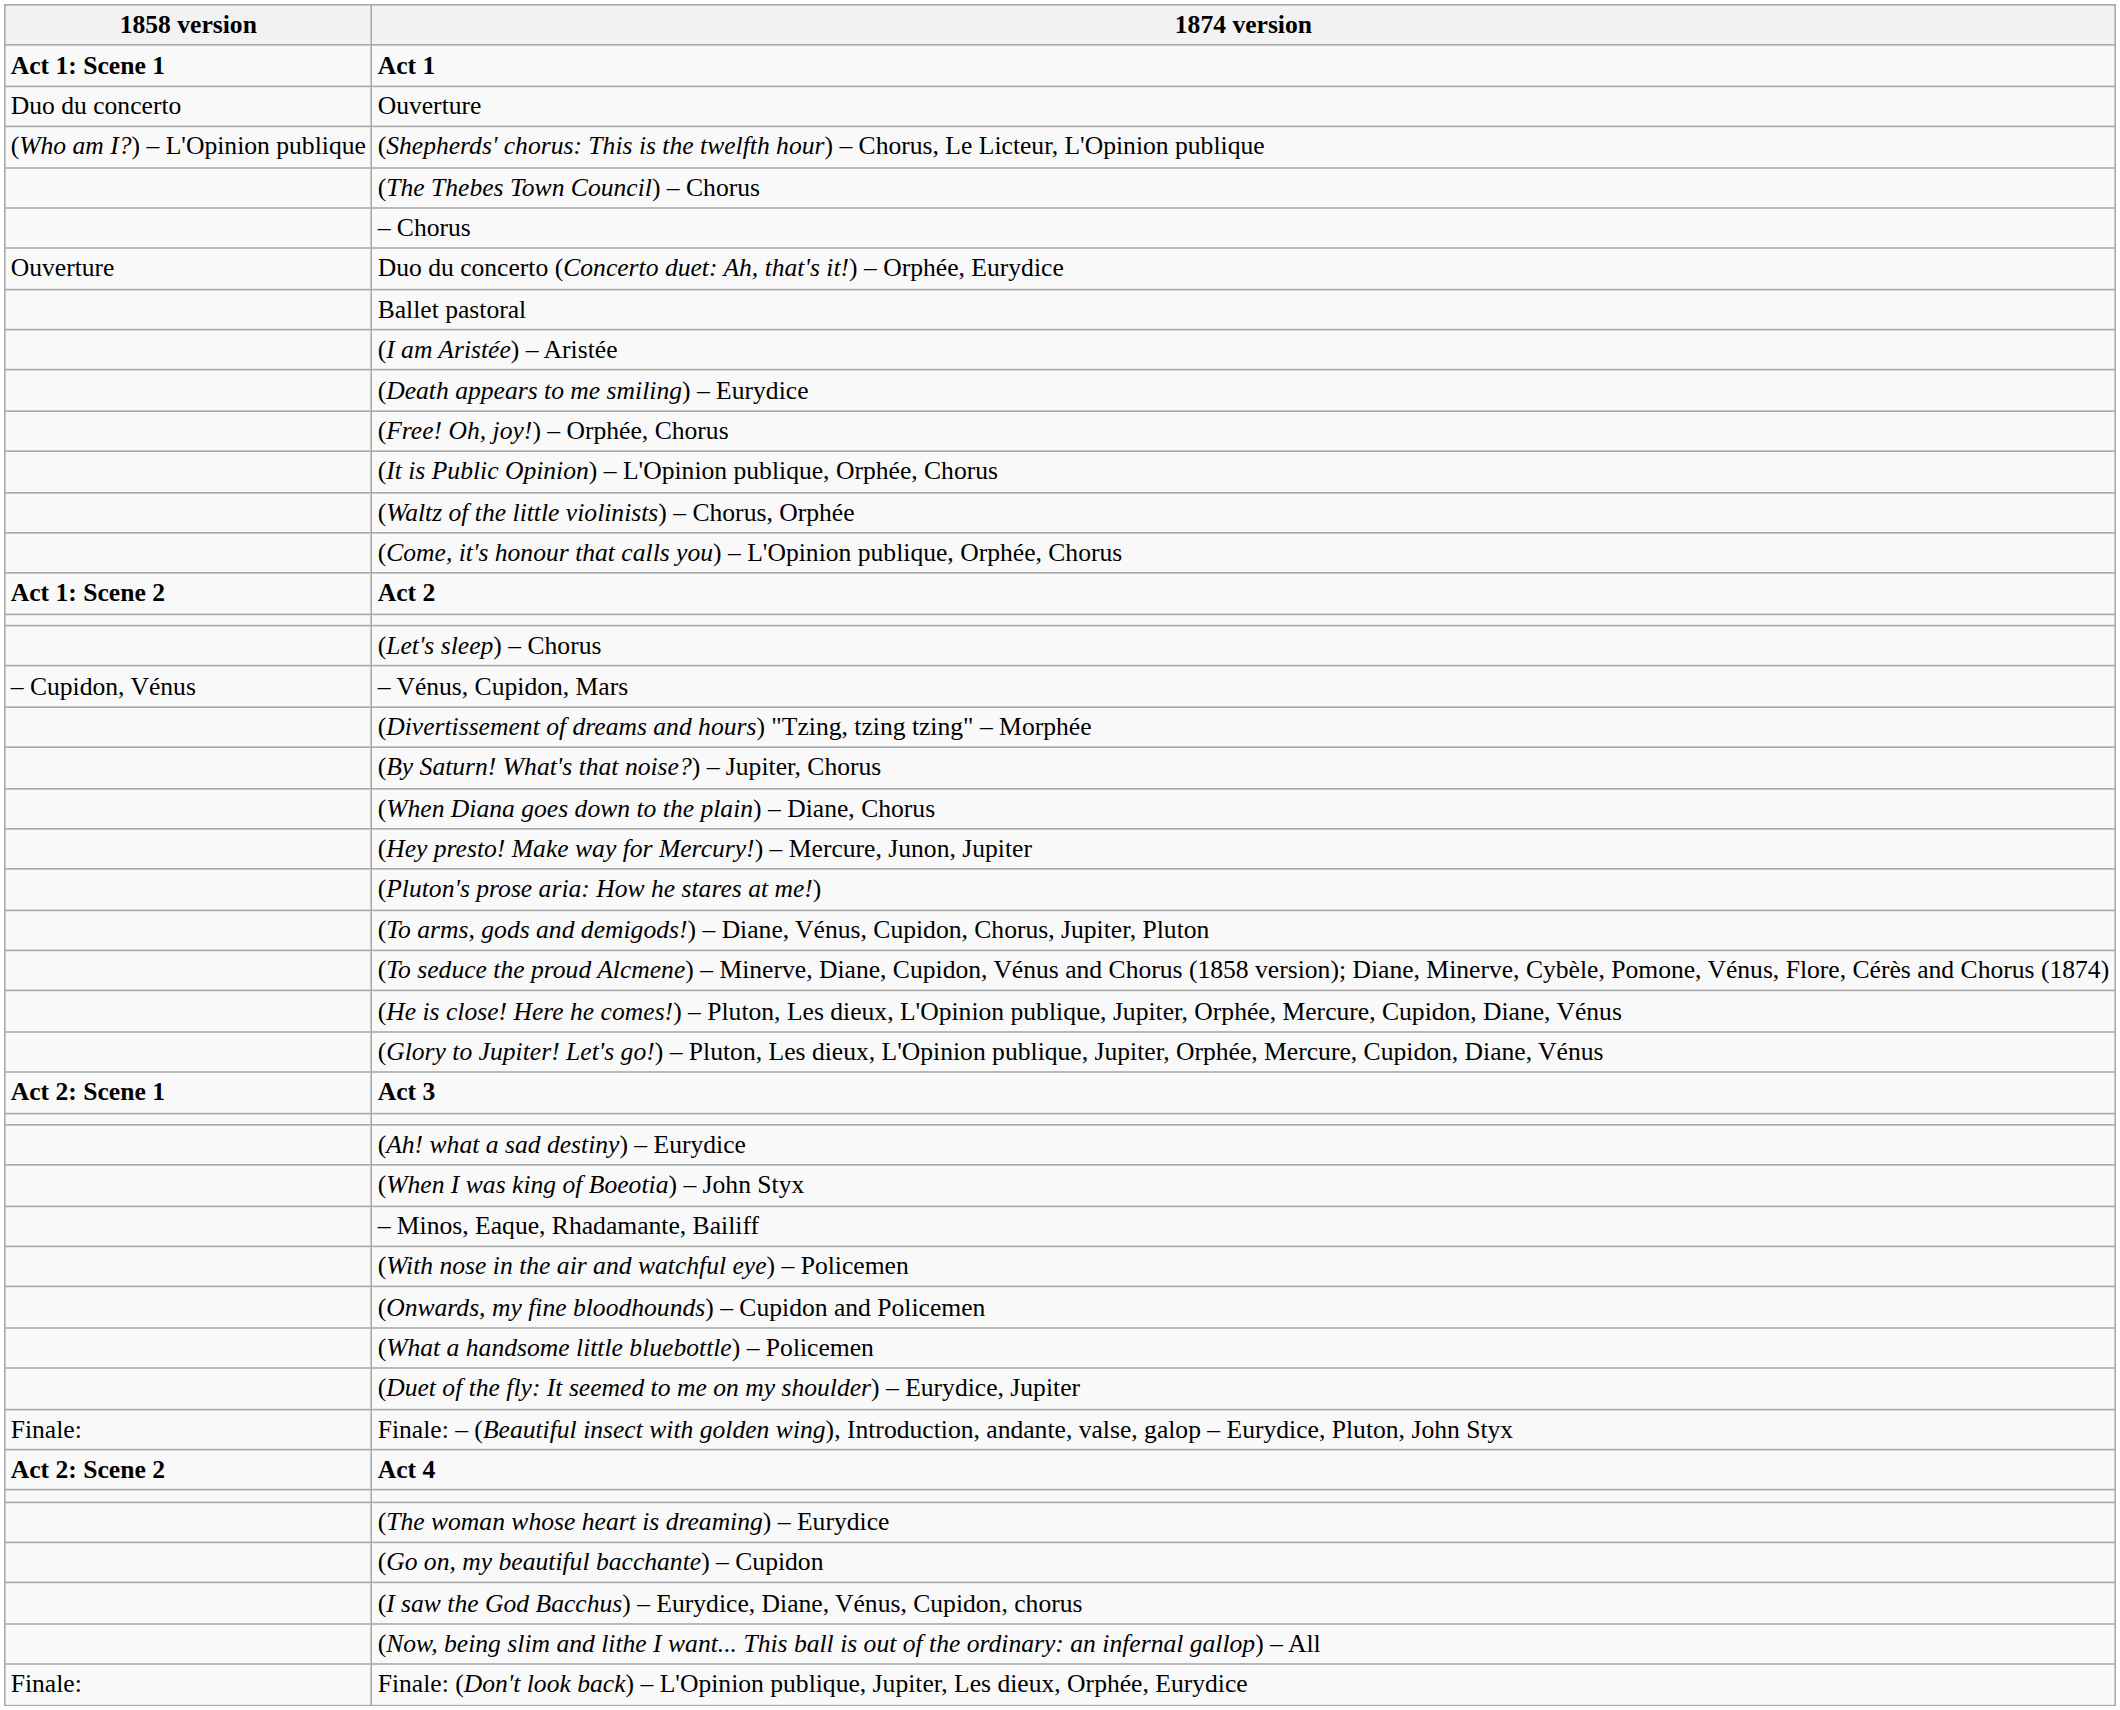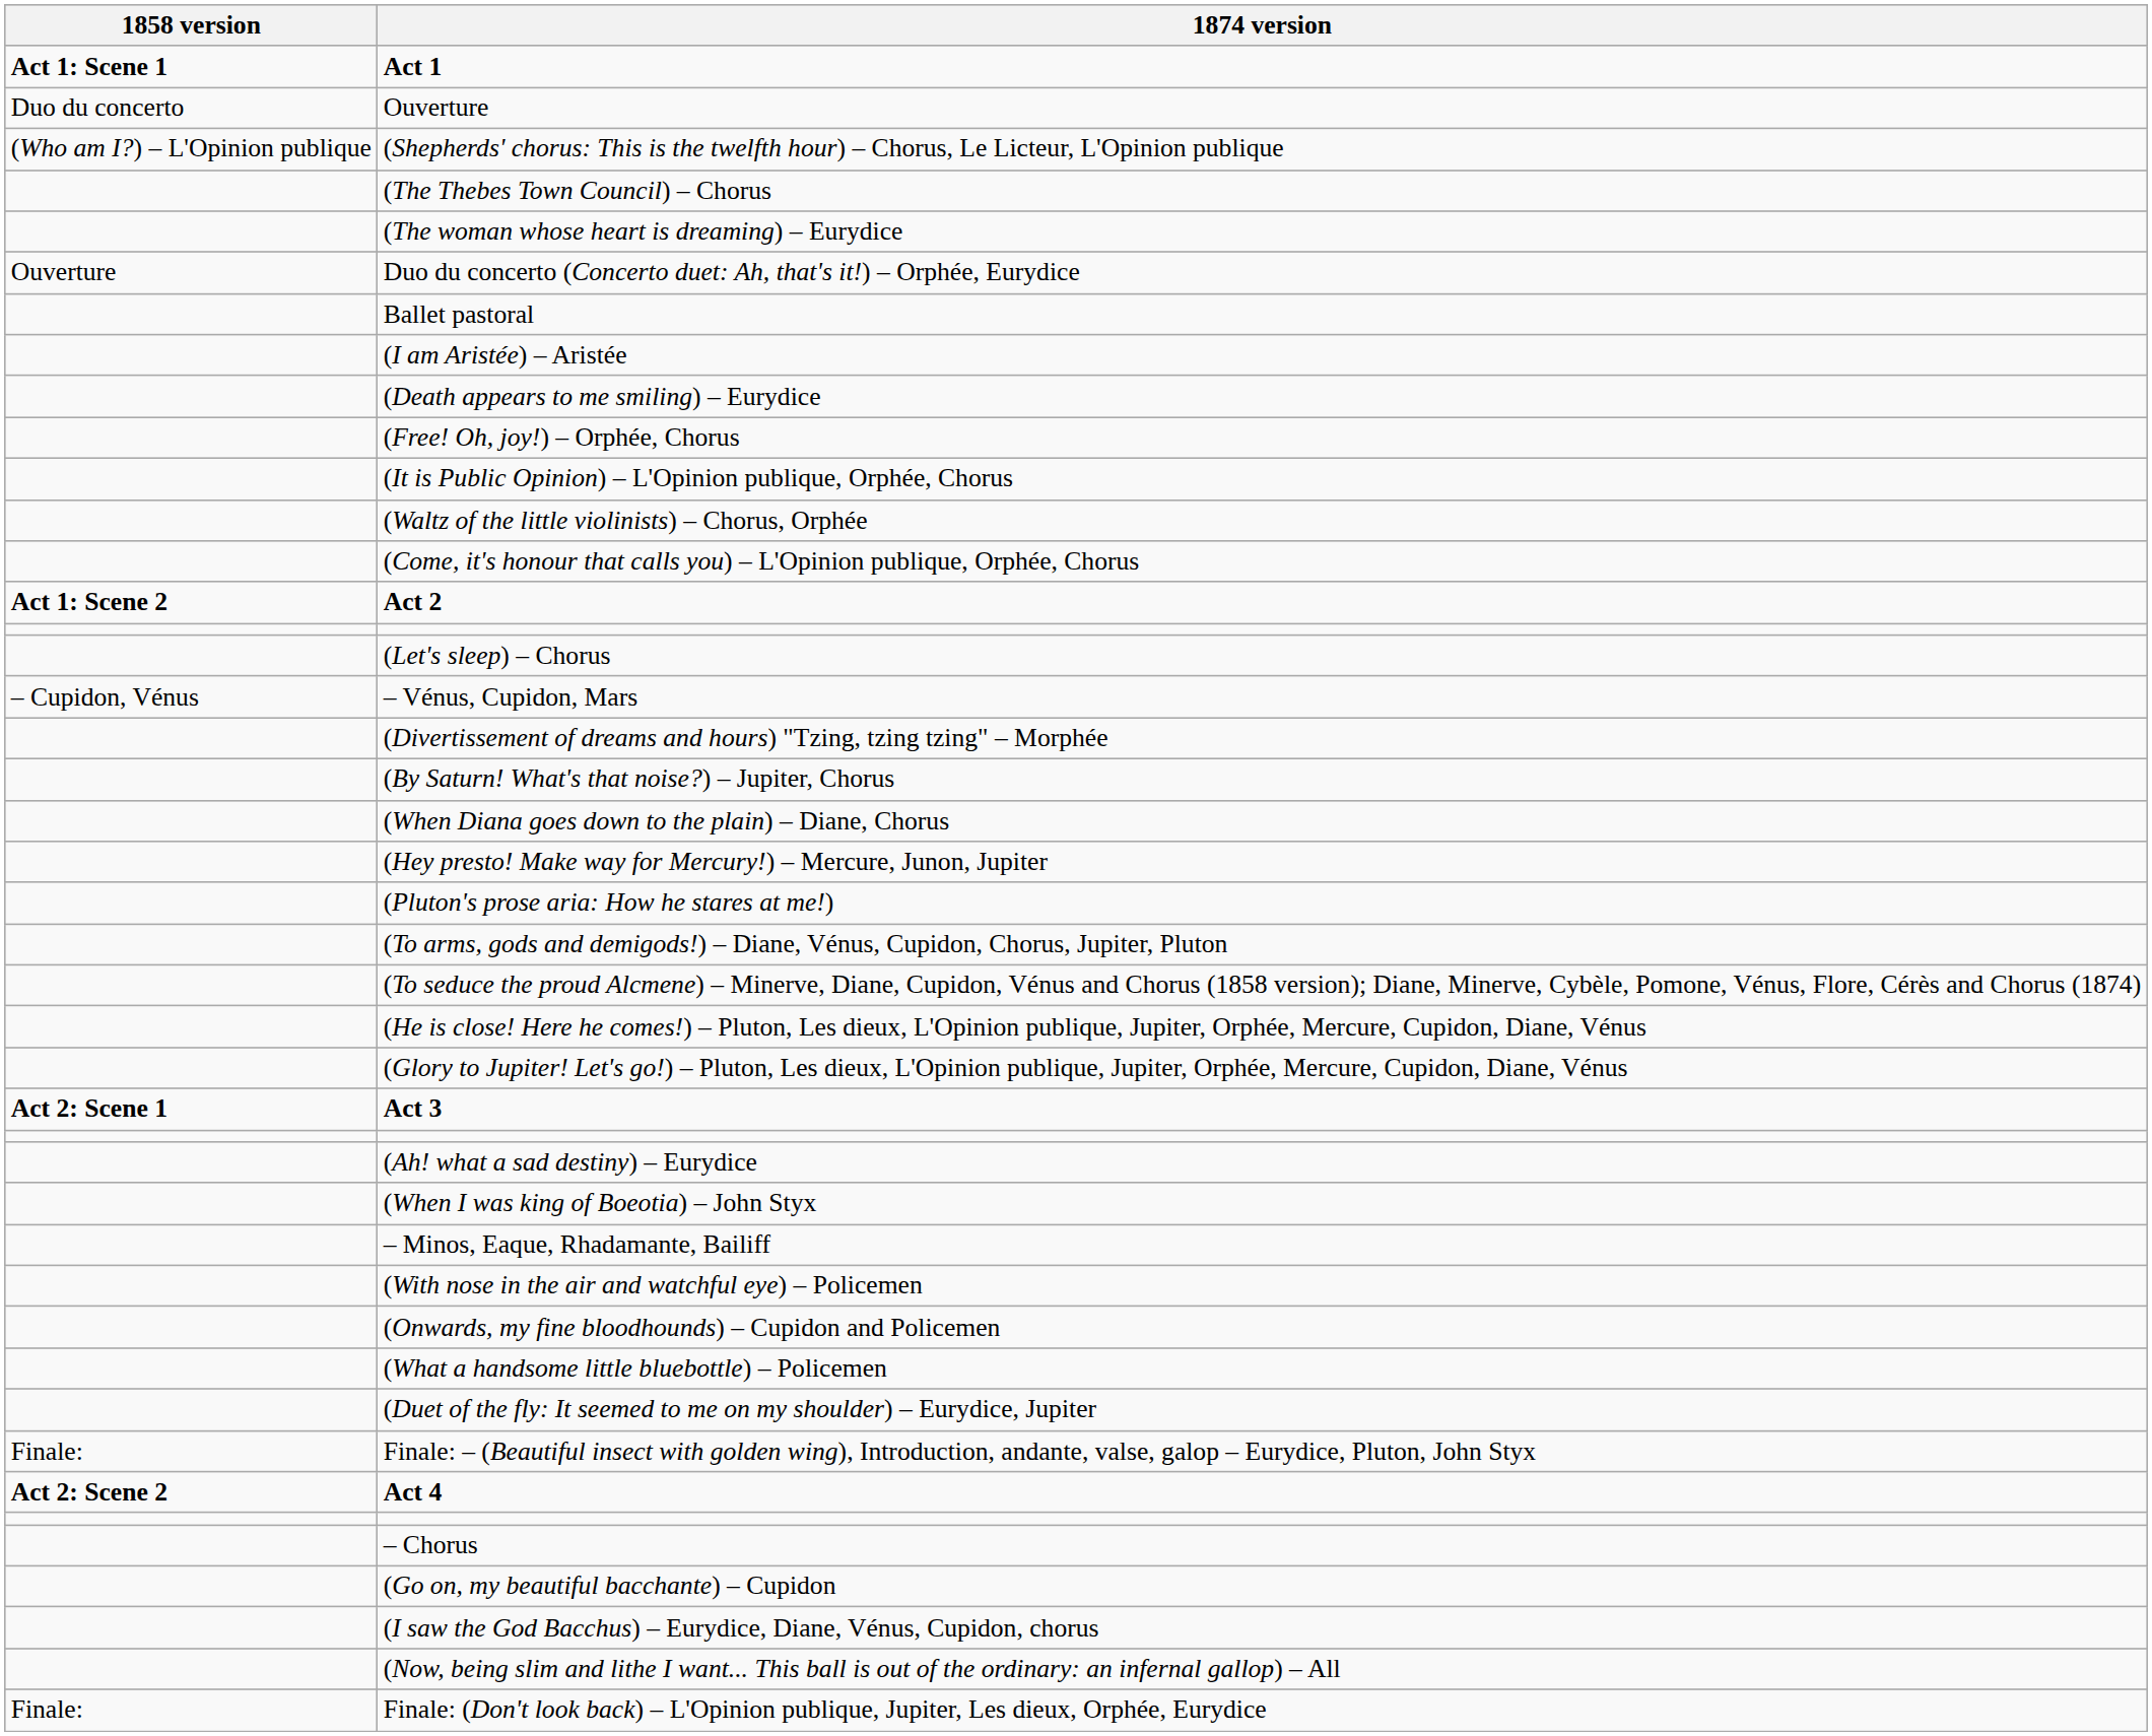 <table class="wikitable plainrowheaders" style="text-align: left; margin-right: 0;">
 <tr>
 <th scope="col">1858 version</th>
 <th scope="col">1874 version</th>
 </tr>
 <tr>
 <td><strong>Act 1: Scene 1</strong></td>
 <td><strong>Act 1</strong></td>
 </tr>
 <tr>
 <td>Duo du concerto</td>
 <td>Ouverture</td>
 </tr>
 <tr>
 <td> (<em>Who am I?</em>) – L'Opinion publique</td>
 <td> (<em>Shepherds' chorus: This is the twelfth hour</em>) – Chorus, Le Licteur, L'Opinion publique</td>
 </tr>
 <tr>
 <td></td>
 <td> (<em>The Thebes Town Council</em>) – Chorus</td>
 </tr>
 <tr>
 <td></td>
-<td>– Chorus</td>
+<td> (<em>The woman whose heart is dreaming</em>) – Eurydice</td>
 </tr>
 <tr>
 <td>Ouverture</td>
 <td>Duo du concerto  (<em>Concerto duet: Ah, that's it!</em>) – Orphée, Eurydice</td>
 </tr>
 <tr>
 <td></td>
 <td>Ballet pastoral</td>
 </tr>
 <tr>
 <td></td>
 <td> (<em>I am Aristée</em>) – Aristée</td>
 </tr>
 <tr>
 <td></td>
 <td> (<em>Death appears to me smiling</em>) – Eurydice</td>
 </tr>
 <tr>
 <td></td>
 <td> (<em>Free! Oh, joy!</em>) – Orphée, Chorus</td>
 </tr>
 <tr>
 <td></td>
 <td> (<em>It is Public Opinion</em>) – L'Opinion publique, Orphée, Chorus</td>
 </tr>
 <tr>
 <td></td>
 <td> (<em>Waltz of the little violinists</em>) – Chorus, Orphée</td>
 </tr>
 <tr>
 <td></td>
 <td> (<em>Come, it's honour that calls you</em>) – L'Opinion publique, Orphée, Chorus</td>
 </tr>
 <tr>
 <td><strong>Act 1: Scene 2</strong></td>
 <td><strong>Act 2</strong></td>
 </tr>
 <tr>
 <td></td>
 <td></td>
 </tr>
 <tr>
 <td></td>
 <td> (<em>Let's sleep</em>) – Chorus</td>
 </tr>
 <tr>
 <td> – Cupidon, Vénus</td>
 <td> – Vénus, Cupidon, Mars</td>
 </tr>
 <tr>
 <td></td>
 <td> (<em>Divertissement of dreams and hours</em>) "Tzing, tzing tzing" – Morphée</td>
 </tr>
 <tr>
 <td></td>
 <td> (<em>By Saturn! What's that noise?</em>) – Jupiter, Chorus</td>
 </tr>
 <tr>
 <td></td>
 <td> (<em>When Diana goes down to the plain</em>) – Diane, Chorus</td>
 </tr>
 <tr>
 <td></td>
 <td> (<em>Hey presto! Make way for Mercury!</em>) – Mercure, Junon, Jupiter</td>
 </tr>
 <tr>
 <td></td>
 <td> (<em>Pluton's prose aria: How he stares at me!</em>)</td>
 </tr>
 <tr>
 <td></td>
 <td> (<em>To arms, gods and demigods!</em>) – Diane, Vénus, Cupidon, Chorus, Jupiter, Pluton</td>
 </tr>
 <tr>
 <td></td>
 <td> (<em>To seduce the proud Alcmene</em>) – Minerve, Diane, Cupidon, Vénus and Chorus (1858 version); Diane, Minerve, Cybèle, Pomone, Vénus, Flore, Cérès and Chorus (1874)</td>
 </tr>
 <tr>
 <td></td>
 <td> (<em>He is close! Here he comes!</em>) – Pluton, Les dieux, L'Opinion publique, Jupiter, Orphée, Mercure, Cupidon, Diane, Vénus</td>
 </tr>
 <tr>
 <td></td>
 <td> (<em>Glory to Jupiter! Let's go!</em>) – Pluton, Les dieux, L'Opinion publique, Jupiter, Orphée, Mercure, Cupidon, Diane, Vénus</td>
 </tr>
 <tr>
 <td><strong>Act 2:  Scene 1</strong></td>
 <td><strong>Act 3</strong></td>
 </tr>
 <tr>
 <td></td>
 <td></td>
 </tr>
 <tr>
 <td></td>
 <td> (<em>Ah! what a sad destiny</em>) – Eurydice</td>
 </tr>
 <tr>
 <td></td>
 <td> (<em>When I was king of Boeotia</em>) – John Styx</td>
 </tr>
 <tr>
 <td></td>
 <td> – Minos, Eaque, Rhadamante, Bailiff</td>
 </tr>
 <tr>
 <td></td>
 <td> (<em>With nose in the air and watchful eye</em>) – Policemen</td>
 </tr>
 <tr>
 <td></td>
 <td> (<em>Onwards, my fine bloodhounds</em>) – Cupidon and Policemen</td>
 </tr>
 <tr>
 <td></td>
 <td> (<em>What a handsome little bluebottle</em>) – Policemen</td>
 </tr>
 <tr>
 <td></td>
 <td> (<em>Duet of the fly: It seemed to me on my shoulder</em>) – Eurydice, Jupiter</td>
 </tr>
 <tr>
 <td>Finale: </td>
 <td>Finale:  – (<em>Beautiful insect with golden wing</em>),  Introduction, andante, valse, galop – Eurydice, Pluton, John Styx</td>
 </tr>
 <tr>
 <td><strong>Act 2: Scene 2</strong></td>
 <td><strong>Act 4</strong></td>
 </tr>
 <tr>
 <td></td>
 <td></td>
 </tr>
 <tr>
 <td></td>
-<td> (<em>The woman whose heart is dreaming</em>) – Eurydice</td>
+<td>– Chorus</td>
 </tr>
 <tr>
 <td></td>
 <td> (<em>Go on, my beautiful bacchante</em>) – Cupidon</td>
 </tr>
 <tr>
 <td></td>
 <td> (<em>I saw the God Bacchus</em>) – Eurydice, Diane, Vénus, Cupidon, chorus</td>
 </tr>
 <tr>
 <td></td>
 <td> (<em>Now, being slim and lithe I want... This ball is out of the ordinary: an infernal gallop</em>) – All</td>
 </tr>
 <tr>
 <td>Finale: </td>
 <td>Finale:  (<em>Don't look back</em>) – L'Opinion publique, Jupiter, Les dieux, Orphée, Eurydice</td>
 </tr>
 </table>
